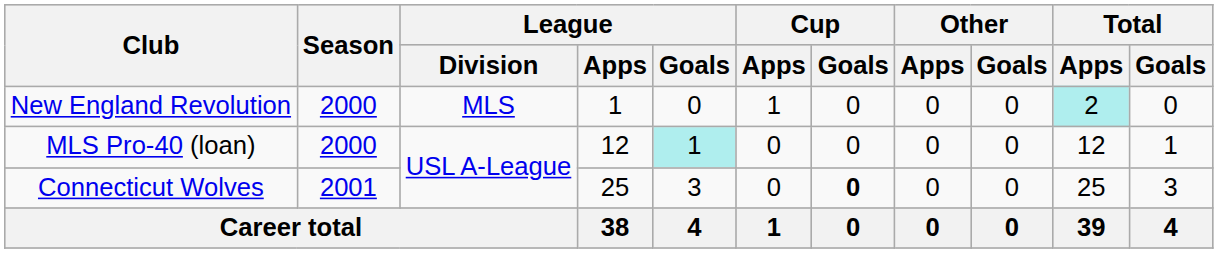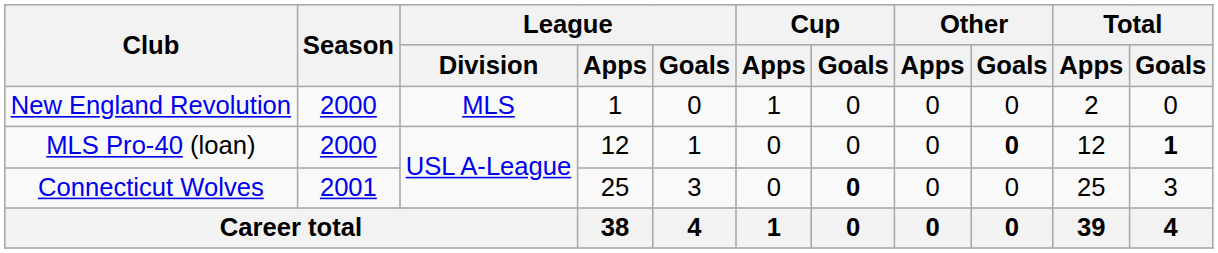 <table class="wikitable" style="text-align: center">
 <tr>
 <th rowspan="2">Club</th>
 <th rowspan="2">Season</th>
 <th colspan="3">League</th>
 <th colspan="2">Cup</th>
 <th colspan="2">Other</th>
 <th colspan="2">Total</th>
 </tr>
 <tr>
 <th>Division</th>
 <th>Apps</th>
 <th>Goals</th>
 <th>Apps</th>
 <th>Goals</th>
 <th>Apps</th>
 <th>Goals</th>
 <th>Apps</th>
 <th>Goals</th>
 </tr>
 <tr>
 <td><a href='#'>New England Revolution</a></td>
 <td><a href='#'>2000</a></td>
 <td><a href='#'>MLS</a></td>
 <td>1</td>
 <td>0</td>
 <td>1</td>
 <td>0</td>
 <td>0</td>
 <td>0</td>
-<td style="background: paleturquoise;">2</td>
+<td>2</td>
 <td>0</td>
 </tr>
 <tr>
 <td><a href='#'>MLS Pro-40</a> (loan)</td>
 <td><a href='#'>2000</a></td>
 <td rowspan="2"><a href='#'>USL A-League</a></td>
 <td>12</td>
-<td style="background: paleturquoise;">1</td>
+<td>1</td>
 <td>0</td>
 <td>0</td>
 <td>0</td>
-<td>0</td>
+<td><strong>0</strong></td>
 <td>12</td>
-<td>1</td>
+<td><strong>1</strong></td>
 </tr>
 <tr>
 <td><a href='#'>Connecticut Wolves</a></td>
 <td><a href='#'>2001</a></td>
 <td>25</td>
 <td>3</td>
 <td>0</td>
 <td><strong>0</strong></td>
 <td>0</td>
 <td>0</td>
 <td>25</td>
 <td>3</td>
 </tr>
 <tr>
 <th colspan="3"><strong>Career total</strong></th>
 <th>38</th>
 <th>4</th>
 <th>1</th>
 <th>0</th>
 <th>0</th>
 <th>0</th>
 <th>39</th>
 <th>4</th>
 </tr>
 </table>
